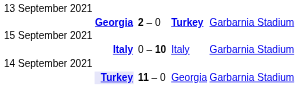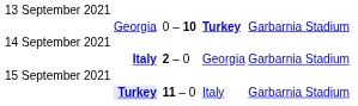 <table>
 <tr>
 <td>13 September 2021</td>
 </tr>
 <tr>
 <td></td>
-<td align=right><strong><a href='#'>Georgia</a></strong></td>
+<td align=right><a href='#'>Georgia</a></td>
+<td></td>
+<td>0 – <strong>10</strong></td>
+<td></td>
+<td><strong><a href='#'>Turkey</a></strong></td>
+<td><a href='#'>Garbarnia Stadium</a></td>
+</tr>
+<tr>
+<td>14 September 2021</td>
+</tr>
+<tr>
+<td></td>
+<td align=right><strong><a href='#'>Italy</a></strong></td>
 <td></td>
 <td><strong>2</strong> – 0</td>
 <td></td>
-<td><strong><a href='#'>Turkey</a></strong></td>
+<td><a href='#'>Georgia</a></td>
 <td><a href='#'>Garbarnia Stadium</a></td>
 </tr>
 <tr>
 <td>15 September 2021</td>
 </tr>
 <tr>
 <td></td>
-<td align=right><strong><a href='#'>Italy</a></strong></td>
+<td align=right style="background: lavender;"><strong><a href='#'>Turkey</a></strong></td>
 <td></td>
-<td>0 – <strong>10</strong></td>
+<td><strong>11</strong> – 0</td>
 <td></td>
 <td><a href='#'>Italy</a></td>
 <td><a href='#'>Garbarnia Stadium</a></td>
 </tr>
-<tr>
-<td>14 September 2021</td>
-</tr>
-<tr>
-<td></td>
-<td align=right style="background: lavender;"><strong><a href='#'>Turkey</a></strong></td>
-<td></td>
-<td><strong>11</strong> – 0</td>
-<td></td>
-<td><a href='#'>Georgia</a></td>
-<td><a href='#'>Garbarnia Stadium</a></td>
-</tr>
 </table>
